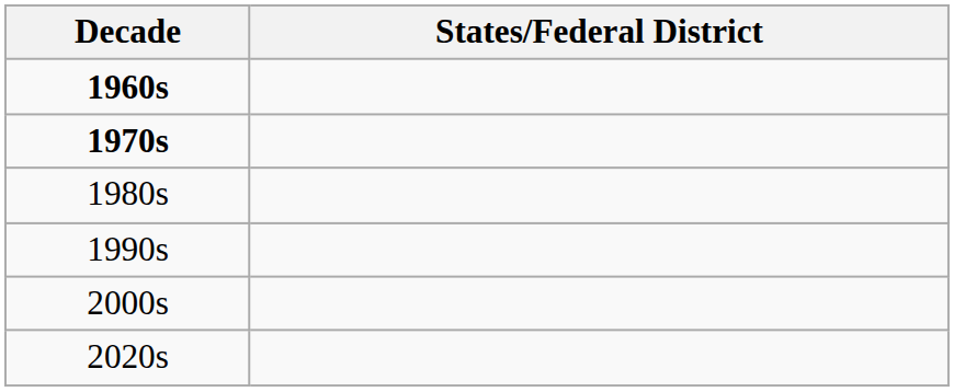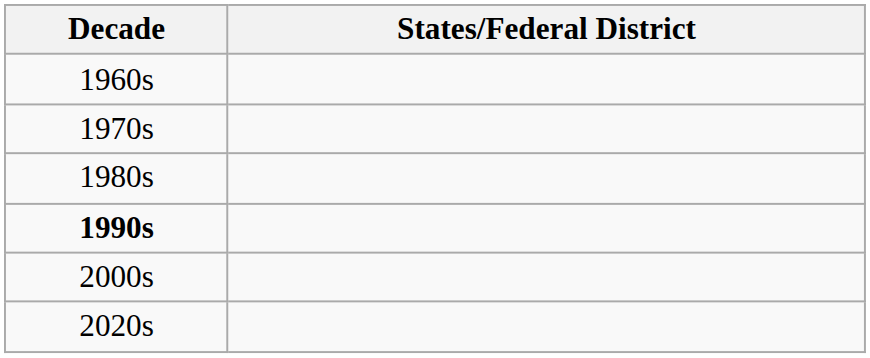 <table class="wikitable" style="width:50%" style="font-size: 95%;">
 <tr>
 <th style="width:8em;">Decade</th>
 <th style="width:25em;">States/Federal District</th>
 </tr>
 <tr>
-<td style="text-align:center;"><strong>1960s</strong></td>
+<td style="text-align:center;">1960s</td>
 <td></td>
 </tr>
 <tr>
-<td style="text-align:center;"><strong>1970s</strong></td>
+<td style="text-align:center;">1970s</td>
 <td></td>
 </tr>
 <tr>
 <td style="text-align:center;">1980s</td>
 <td></td>
 </tr>
 <tr>
-<td style="text-align:center;">1990s</td>
+<td style="text-align:center;"><strong>1990s</strong></td>
 <td></td>
 </tr>
 <tr>
 <td style="text-align:center;">2000s</td>
 <td></td>
 </tr>
 <tr>
 <td style="text-align:center;">2020s</td>
 <td></td>
 </tr>
 </table>
